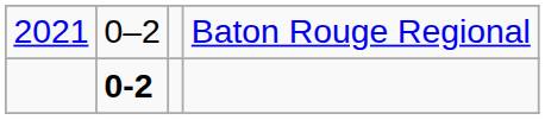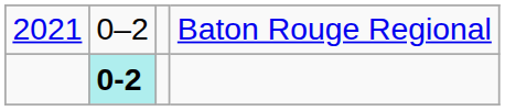 <table class="wikitable">
 <tr>
 <td><a href='#'>2021</a></td>
 <td>0–2</td>
 <td></td>
 <td><a href='#'>Baton Rouge Regional</a></td>
 </tr>
 <tr>
 <td></td>
-<td><strong>0-2</strong></td>
+<td style="background: paleturquoise;"><strong>0-2</strong></td>
 <td><strong></strong></td>
 <td></td>
 </tr>
 </table>
